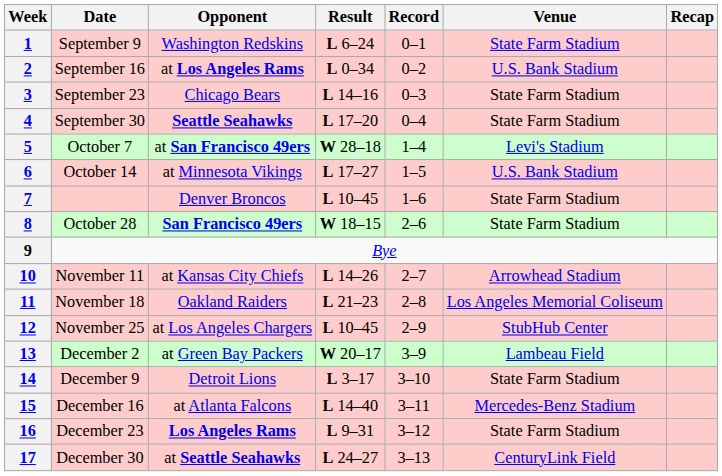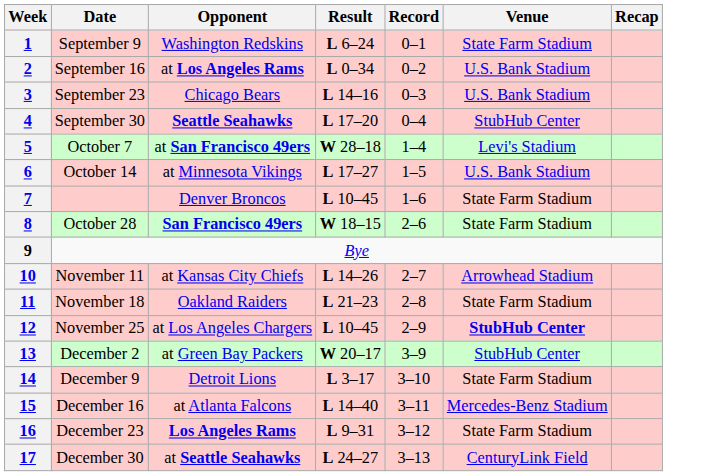 <table class="wikitable" style="text-align:center">
 <tr>
 <th>Week</th>
 <th>Date</th>
 <th>Opponent</th>
 <th>Result</th>
 <th>Record</th>
 <th>Venue</th>
 <th>Recap</th>
 </tr>
 <tr style="background:#fcc">
 <th><a href='#'>1</a></th>
 <td>September 9</td>
 <td><a href='#'>Washington Redskins</a></td>
 <td><strong>L</strong> 6–24</td>
 <td>0–1</td>
 <td><a href='#'>State Farm Stadium</a></td>
 <td></td>
 </tr>
 <tr style="background:#fcc">
 <th><a href='#'>2</a></th>
 <td>September 16</td>
 <td>at <strong><a href='#'>Los Angeles Rams</a></strong></td>
 <td><strong>L</strong> 0–34</td>
 <td>0–2</td>
 <td><a href='#'>U.S. Bank Stadium</a></td>
 <td></td>
 </tr>
 <tr style="background:#fcc">
 <th><a href='#'>3</a></th>
 <td>September 23</td>
 <td><a href='#'>Chicago Bears</a></td>
 <td><strong>L</strong> 14–16</td>
 <td>0–3</td>
-<td>State Farm Stadium</td>
+<td><a href='#'>U.S. Bank Stadium</a></td>
 <td></td>
 </tr>
 <tr style="background:#fcc">
 <th><a href='#'>4</a></th>
 <td>September 30</td>
 <td><strong><a href='#'>Seattle Seahawks</a></strong></td>
 <td><strong>L</strong> 17–20</td>
 <td>0–4</td>
-<td>State Farm Stadium</td>
+<td><a href='#'>StubHub Center</a></td>
 <td></td>
 </tr>
 <tr style="background:#cfc">
 <th><a href='#'>5</a></th>
 <td>October 7</td>
 <td>at <strong><a href='#'>San Francisco 49ers</a></strong></td>
 <td><strong>W</strong> 28–18</td>
 <td>1–4</td>
 <td><a href='#'>Levi's Stadium</a></td>
 <td></td>
 </tr>
 <tr style="background:#fcc">
 <th><a href='#'>6</a></th>
 <td>October 14</td>
 <td>at <a href='#'>Minnesota Vikings</a></td>
 <td><strong>L</strong> 17–27</td>
 <td>1–5</td>
 <td><a href='#'>U.S. Bank Stadium</a></td>
 <td></td>
 </tr>
 <tr style="background:#fcc">
 <th><a href='#'>7</a></th>
 <td></td>
 <td><a href='#'>Denver Broncos</a></td>
 <td><strong>L</strong> 10–45</td>
 <td>1–6</td>
 <td>State Farm Stadium</td>
 <td></td>
 </tr>
 <tr style="background:#cfc">
 <th><a href='#'>8</a></th>
 <td>October 28</td>
 <td><strong><a href='#'>San Francisco 49ers</a></strong></td>
 <td><strong>W</strong> 18–15</td>
 <td>2–6</td>
 <td>State Farm Stadium</td>
 <td></td>
 </tr>
 <tr>
 <th>9</th>
 <td colspan=6><em><a href='#'>Bye</a></em></td>
 </tr>
 <tr style="background:#fcc">
 <th><a href='#'>10</a></th>
 <td>November 11</td>
 <td>at <a href='#'>Kansas City Chiefs</a></td>
 <td><strong>L</strong> 14–26</td>
 <td>2–7</td>
 <td><a href='#'>Arrowhead Stadium</a></td>
 <td></td>
 </tr>
 <tr style="background:#fcc">
 <th><a href='#'>11</a></th>
 <td>November 18</td>
 <td><a href='#'>Oakland Raiders</a></td>
 <td><strong>L</strong> 21–23</td>
 <td>2–8</td>
-<td><a href='#'>Los Angeles Memorial Coliseum</a></td>
+<td>State Farm Stadium</td>
 <td></td>
 </tr>
 <tr style="background:#fcc">
 <th><a href='#'>12</a></th>
 <td>November 25</td>
 <td>at <a href='#'>Los Angeles Chargers</a></td>
 <td><strong>L</strong> 10–45</td>
 <td>2–9</td>
-<td><a href='#'>StubHub Center</a></td>
+<td><strong><a href='#'>StubHub Center</a></strong></td>
 <td></td>
 </tr>
 <tr style="background:#cfc">
 <th><a href='#'>13</a></th>
 <td>December 2</td>
 <td>at <a href='#'>Green Bay Packers</a></td>
 <td><strong>W</strong> 20–17</td>
 <td>3–9</td>
-<td><a href='#'>Lambeau Field</a></td>
+<td><a href='#'>StubHub Center</a></td>
 <td></td>
 </tr>
 <tr style="background:#fcc">
 <th><a href='#'>14</a></th>
 <td>December 9</td>
 <td><a href='#'>Detroit Lions</a></td>
 <td><strong>L</strong> 3–17</td>
 <td>3–10</td>
 <td>State Farm Stadium</td>
 <td></td>
 </tr>
 <tr style="background:#fcc">
 <th><a href='#'>15</a></th>
 <td>December 16</td>
 <td>at <a href='#'>Atlanta Falcons</a></td>
 <td><strong>L</strong> 14–40</td>
 <td>3–11</td>
 <td><a href='#'>Mercedes-Benz Stadium</a></td>
 <td></td>
 </tr>
 <tr style="background:#fcc">
 <th><a href='#'>16</a></th>
 <td>December 23</td>
 <td><strong><a href='#'>Los Angeles Rams</a></strong></td>
 <td><strong>L</strong> 9–31</td>
 <td>3–12</td>
 <td>State Farm Stadium</td>
 <td></td>
 </tr>
 <tr style="background:#fcc">
 <th><a href='#'>17</a></th>
 <td>December 30</td>
 <td>at <strong><a href='#'>Seattle Seahawks</a></strong></td>
 <td><strong>L</strong> 24–27</td>
 <td>3–13</td>
 <td><a href='#'>CenturyLink Field</a></td>
 <td></td>
 </tr>
 </table>
